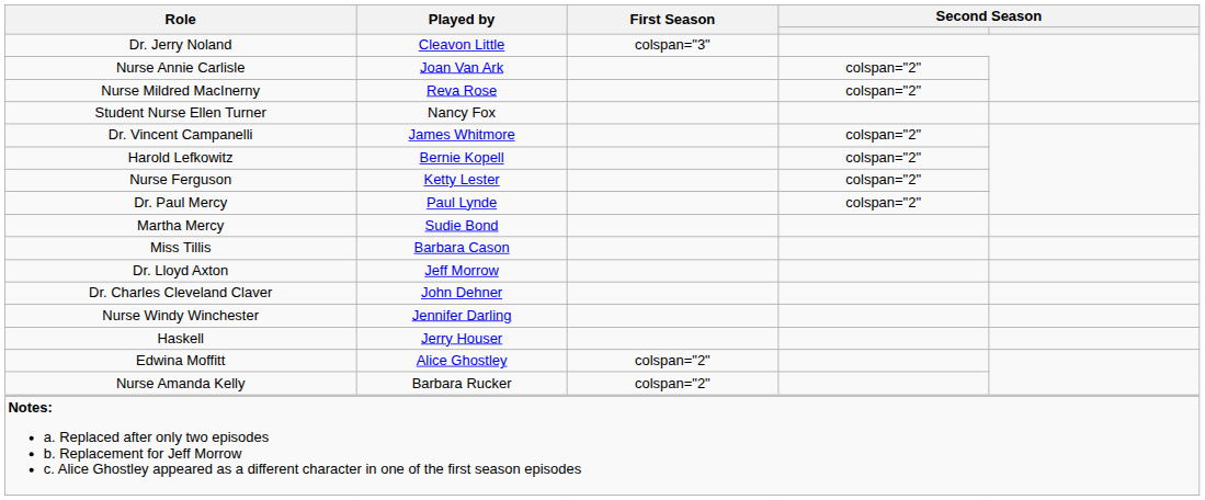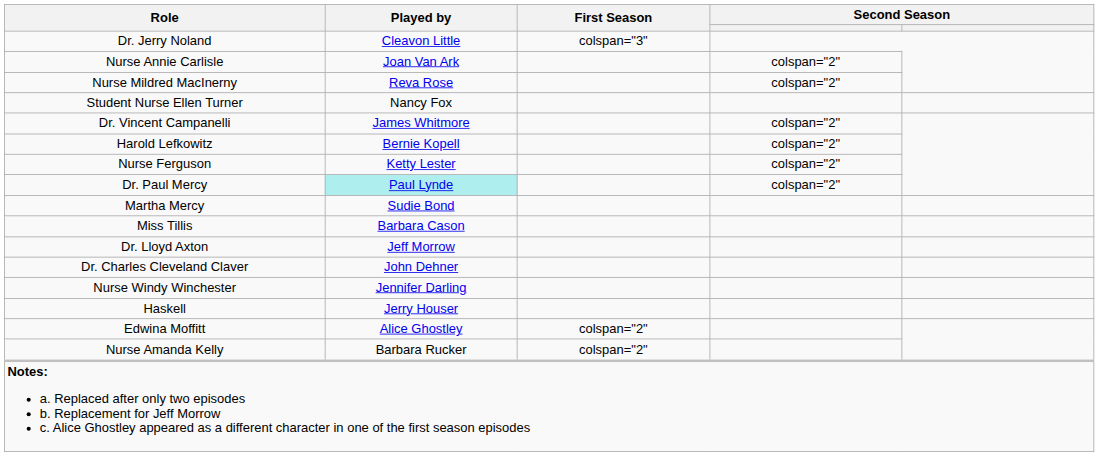 <table class=wikitable width="85%">
 <tr>
 <th width="25%" rowspan="2">Role</th>
 <th width="15%" rowspan="2">Played by</th>
 <th width="15%" rowspan="2">First Season</th>
 <th width="15%" colspan="2">Second Season</th>
 </tr>
 <tr>
 <th width="15%"></th>
 <th width="15%"></th>
 </tr>
 <tr align=center>
 <td>Dr. Jerry Noland</td>
 <td><a href='#'>Cleavon Little</a></td>
 <td>colspan="3"</td>
 </tr>
 <tr align=center>
 <td>Nurse Annie Carlisle</td>
 <td><a href='#'>Joan Van Ark</a></td>
 <td></td>
 <td>colspan="2"</td>
 </tr>
 <tr align=center>
 <td>Nurse Mildred MacInerny</td>
 <td><a href='#'>Reva Rose</a></td>
 <td></td>
 <td>colspan="2" </td>
 </tr>
 <tr align=center>
 <td>Student Nurse Ellen Turner</td>
 <td>Nancy Fox</td>
 <td></td>
 <td></td>
 <td></td>
 </tr>
 <tr align=center>
 <td>Dr. Vincent Campanelli</td>
 <td><a href='#'>James Whitmore</a></td>
 <td></td>
 <td>colspan="2" </td>
 </tr>
 <tr align=center>
 <td>Harold Lefkowitz</td>
 <td><a href='#'>Bernie Kopell</a></td>
 <td></td>
 <td>colspan="2" </td>
 </tr>
 <tr align=center>
 <td>Nurse Ferguson</td>
 <td><a href='#'>Ketty Lester</a></td>
 <td></td>
 <td>colspan="2" </td>
 </tr>
 <tr align=center>
 <td>Dr. Paul Mercy</td>
-<td><a href='#'>Paul Lynde</a></td>
+<td style="background: paleturquoise;"><a href='#'>Paul Lynde</a></td>
 <td></td>
 <td>colspan="2"</td>
 </tr>
 <tr align=center>
 <td>Martha Mercy</td>
 <td><a href='#'>Sudie Bond</a></td>
 <td></td>
 <td></td>
 <td></td>
 </tr>
 <tr align=center>
 <td>Miss Tillis</td>
 <td><a href='#'>Barbara Cason</a></td>
 <td></td>
 <td></td>
 <td></td>
 </tr>
 <tr align=center>
 <td>Dr. Lloyd Axton</td>
 <td><a href='#'>Jeff Morrow</a></td>
 <td></td>
 <td><sup></sup></td>
 <td></td>
 </tr>
 <tr align=center>
 <td>Dr. Charles Cleveland Claver</td>
 <td><a href='#'>John Dehner</a></td>
 <td></td>
 <td><sup></sup></td>
 <td></td>
 </tr>
 <tr align=center>
 <td>Nurse Windy Winchester</td>
 <td><a href='#'>Jennifer Darling</a></td>
 <td></td>
 <td></td>
 <td></td>
 </tr>
 <tr align=center>
 <td>Haskell</td>
 <td><a href='#'>Jerry Houser</a></td>
 <td></td>
 <td></td>
 <td></td>
 </tr>
 <tr align=center>
 <td>Edwina Moffitt</td>
 <td><a href='#'>Alice Ghostley</a></td>
 <td>colspan="2"</td>
 <td><sup></sup></td>
 </tr>
 <tr align=center>
 <td>Nurse Amanda Kelly</td>
 <td>Barbara Rucker</td>
 <td>colspan="2"</td>
 <td></td>
 </tr>
 <tr style="border-top: 3px solid silver;">
 <td colspan="8"><strong>Notes:</strong><br><ul><li>a. Replaced after only two episodes</li><li>b. Replacement for Jeff Morrow</li><li>c. Alice Ghostley appeared as a different character in one of the first season episodes</li></ul></td>
 </tr>
 </table>
